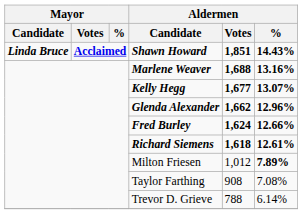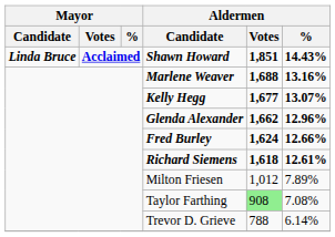 <table class="wikitable collapsible collapsed" align="right">
 <tr>
 <th colspan=3><strong>Mayor</strong></th>
 <th colspan=3><strong>Aldermen</strong></th>
 </tr>
 <tr>
 <th>Candidate</th>
 <th>Votes</th>
 <th>%</th>
 <th>Candidate</th>
 <th>Votes</th>
 <th>%</th>
 </tr>
 <tr>
 <td><strong><em>Linda Bruce</em></strong></td>
 <td colspan=2><strong><a href='#'>Acclaimed</a></strong></td>
 <td><strong><em>Shawn Howard</em></strong></td>
 <td><strong>1,851</strong></td>
 <td><strong>14.43%</strong></td>
 </tr>
 <tr>
 <td rowspan=8 colspan=3></td>
 <td><strong><em>Marlene Weaver</em></strong></td>
 <td><strong>1,688</strong></td>
 <td><strong>13.16%</strong></td>
 </tr>
 <tr>
 <td><strong><em>Kelly Hegg</em></strong></td>
 <td><strong>1,677</strong></td>
 <td><strong>13.07%</strong></td>
 </tr>
 <tr>
 <td><strong><em>Glenda Alexander</em></strong></td>
 <td><strong>1,662</strong></td>
 <td><strong>12.96%</strong></td>
 </tr>
 <tr>
 <td><strong><em>Fred Burley</em></strong></td>
 <td><strong>1,624</strong></td>
 <td><strong>12.66%</strong></td>
 </tr>
 <tr>
 <td><strong><em>Richard Siemens</em></strong></td>
 <td><strong>1,618</strong></td>
 <td><strong>12.61%</strong></td>
 </tr>
 <tr>
 <td>Milton Friesen</td>
 <td>1,012</td>
-<td><strong>7.89%</strong></td>
+<td>7.89%</td>
 </tr>
 <tr>
 <td>Taylor Farthing</td>
-<td>908</td>
+<td style="background: lightgreen;">908</td>
 <td>7.08%</td>
 </tr>
 <tr>
 <td>Trevor D. Grieve</td>
 <td>788</td>
 <td>6.14%</td>
 </tr>
 <tr>
 </tr>
 </table>
